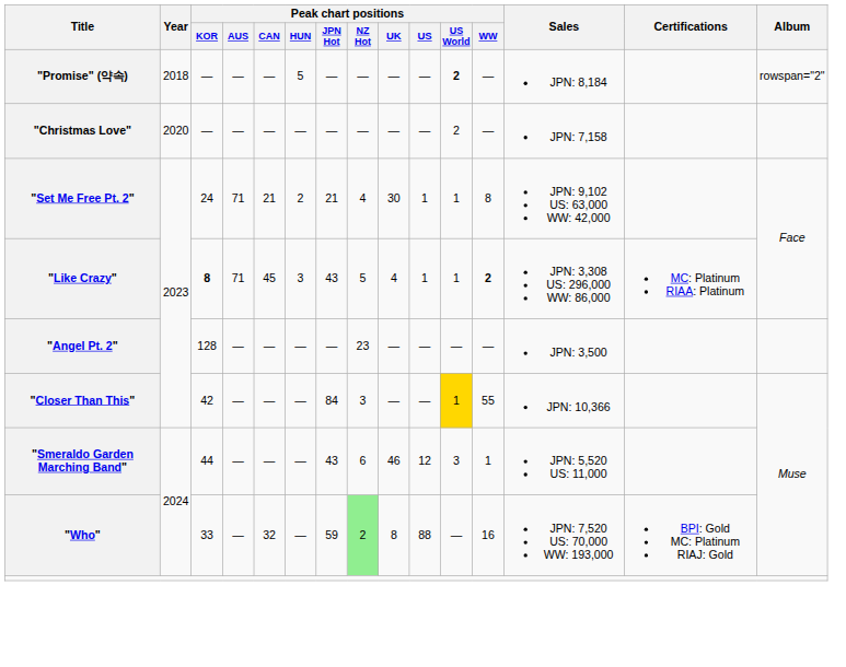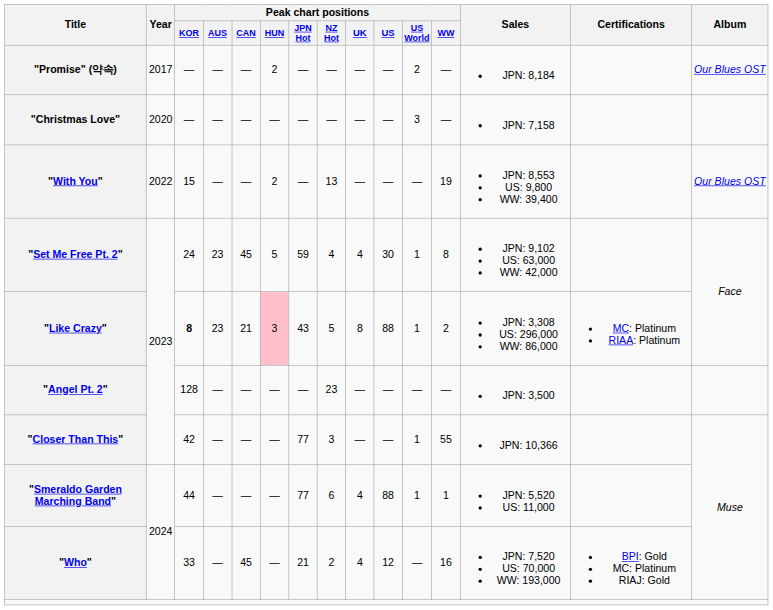 <table class="wikitable plainrowheaders" style="text-align:center;">
 <tr>
 <th scope="col" rowspan="2" style="width:13em;">Title</th>
 <th scope="col" rowspan="2">Year</th>
 <th scope="col" colspan="10">Peak chart positions</th>
 <th scope="col" rowspan="2" style="width:10em;">Sales</th>
 <th scope="col" rowspan="2" style="width:11em;">Certifications</th>
 <th scope="col" rowspan="2">Album</th>
 </tr>
 <tr>
 <th scope="col" style="width:2.7em;font-size:85%;"><a href='#'>KOR</a><br></th>
 <th scope="col" style="width:2.7em;font-size:85%;"><a href='#'>AUS</a><br></th>
 <th scope="col" style="width:2.7em;font-size:85%;"><a href='#'>CAN</a><br></th>
 <th scope="col" style="width:2.7em;font-size:85%;"><a href='#'>HUN</a><br></th>
 <th scope="col" style="width:2.7em;font-size:85%;"><a href='#'>JPN<br>Hot</a><br></th>
 <th scope="col" style="width:2.7em;font-size:85%;"><a href='#'>NZ<br>Hot</a><br></th>
 <th scope="col" style="width:2.5em;font-size:90%;"><a href='#'>UK</a><br></th>
 <th scope="col" style="width:2.5em;font-size:90%;"><a href='#'>US</a><br></th>
 <th scope="col" style="width:2.7em;font-size:85%;"><a href='#'>US<br>World</a><br></th>
 <th scope="col" style="width:2.7em;font-size:85%;"><a href='#'>WW</a><br></th>
 </tr>
 <tr>
 <th scope="row">"Promise" (약속)</th>
-<td>2018</td>
+<td>2017</td>
 <td>—</td>
 <td>—</td>
 <td>—</td>
-<td>5</td>
+<td>2</td>
 <td>—</td>
 <td>—</td>
 <td>—</td>
 <td>—</td>
-<td><strong>2</strong></td>
+<td>2</td>
 <td>—</td>
 <td><br><ul><li>JPN: 8,184</li></ul></td>
 <td></td>
-<td>rowspan="2" </td>
+<td><em><a href='#'>Our Blues OST</a></em></td>
 </tr>
 <tr>
 <th scope="row">"Christmas Love"</th>
 <td>2020</td>
 <td>—</td>
 <td>—</td>
 <td>—</td>
 <td>—</td>
 <td>—</td>
 <td>—</td>
 <td>—</td>
 <td>—</td>
-<td>2</td>
+<td>3</td>
 <td>—</td>
 <td><br><ul><li>JPN: 7,158</li></ul></td>
 <td></td>
 </tr>
 <tr>
+<th scope="row">"<a href='#'>With You</a>"<br></th>
+<td>2022</td>
+<td>15</td>
+<td>—</td>
+<td>—</td>
+<td>2</td>
+<td>—</td>
+<td>13</td>
+<td>—</td>
+<td>—</td>
+<td>—</td>
+<td>19</td>
+<td><br><ul><li>JPN: 8,553</li><li>US: 9,800</li><li>WW: 39,400</li></ul></td>
+<td></td>
+<td><em><a href='#'>Our Blues OST</a></em></td>
+</tr>
+<tr>
 <th scope="row">"<a href='#'>Set Me Free Pt. 2</a>"</th>
 <td rowspan="4">2023</td>
 <td>24</td>
-<td>71</td>
-<td>21</td>
-<td>2</td>
-<td>21</td>
+<td>23</td>
+<td>45</td>
+<td>5</td>
+<td>59</td>
+<td>4</td>
 <td>4</td>
 <td>30</td>
-<td>1</td>
 <td>1</td>
 <td>8</td>
 <td><br><ul><li>JPN: 9,102</li><li>US: 63,000</li><li>WW: 42,000</li></ul></td>
 <td></td>
 <td rowspan="2"><em>Face</em></td>
 </tr>
 <tr>
 <th scope="row">"<a href='#'>Like Crazy</a>"</th>
 <td><strong>8</strong></td>
-<td>71</td>
-<td>45</td>
-<td>3</td>
+<td>23</td>
+<td>21</td>
+<td style="background: pink;">3</td>
 <td>43</td>
 <td>5</td>
-<td>4</td>
+<td>8</td>
+<td>88</td>
 <td>1</td>
-<td>1</td>
-<td><strong>2</strong></td>
+<td>2</td>
 <td><br><ul><li>JPN: 3,308</li><li>US: 296,000</li><li>WW: 86,000</li></ul></td>
 <td><br><ul><li><a href='#'>MC</a>: Platinum</li><li><a href='#'>RIAA</a>: Platinum</li></ul></td>
 </tr>
 <tr>
 <th scope="row">"<a href='#'>Angel Pt. 2</a>"<br></th>
 <td>128</td>
 <td>—</td>
 <td>—</td>
 <td>—</td>
 <td>—</td>
 <td>23</td>
 <td>—</td>
 <td>—</td>
 <td>—</td>
 <td>—</td>
 <td><br><ul><li>JPN: 3,500</li></ul></td>
 <td></td>
 <td></td>
 </tr>
 <tr>
 <th scope="row">"<a href='#'>Closer Than This</a>"</th>
 <td>42</td>
 <td>—</td>
 <td>—</td>
 <td>—</td>
-<td>84</td>
+<td>77</td>
 <td>3</td>
 <td>—</td>
 <td>—</td>
-<td style="background: gold;">1</td>
+<td>1</td>
 <td>55</td>
 <td><br><ul><li>JPN: 10,366</li></ul></td>
 <td></td>
 <td rowspan="3"><em>Muse</em></td>
 </tr>
 <tr>
 <th scope="row">"<a href='#'>Smeraldo Garden Marching Band</a>"<br></th>
 <td rowspan="2">2024</td>
 <td>44</td>
 <td>—</td>
 <td>—</td>
 <td>—</td>
-<td>43</td>
+<td>77</td>
 <td>6</td>
-<td>46</td>
-<td>12</td>
-<td>3</td>
+<td>4</td>
+<td>88</td>
+<td>1</td>
 <td>1</td>
 <td><br><ul><li>JPN: 5,520</li><li>US: 11,000</li></ul></td>
 <td></td>
 </tr>
 <tr>
 <th scope="row">"<a href='#'>Who</a>"</th>
 <td>33</td>
 <td>—</td>
-<td>32</td>
+<td>45</td>
 <td>—</td>
-<td>59</td>
-<td style="background: lightgreen;">2</td>
-<td>8</td>
-<td>88</td>
+<td>21</td>
+<td>2</td>
+<td>4</td>
+<td>12</td>
 <td>—</td>
 <td>16</td>
 <td><br><ul><li>JPN: 7,520</li><li>US: 70,000</li><li>WW: 193,000</li></ul></td>
 <td><br><ul><li><a href='#'>BPI</a>: Gold</li><li>MC: Platinum</li><li>RIAJ: Gold </li></ul></td>
 </tr>
 <tr>
 <td colspan="15"></td>
 </tr>
 </table>
